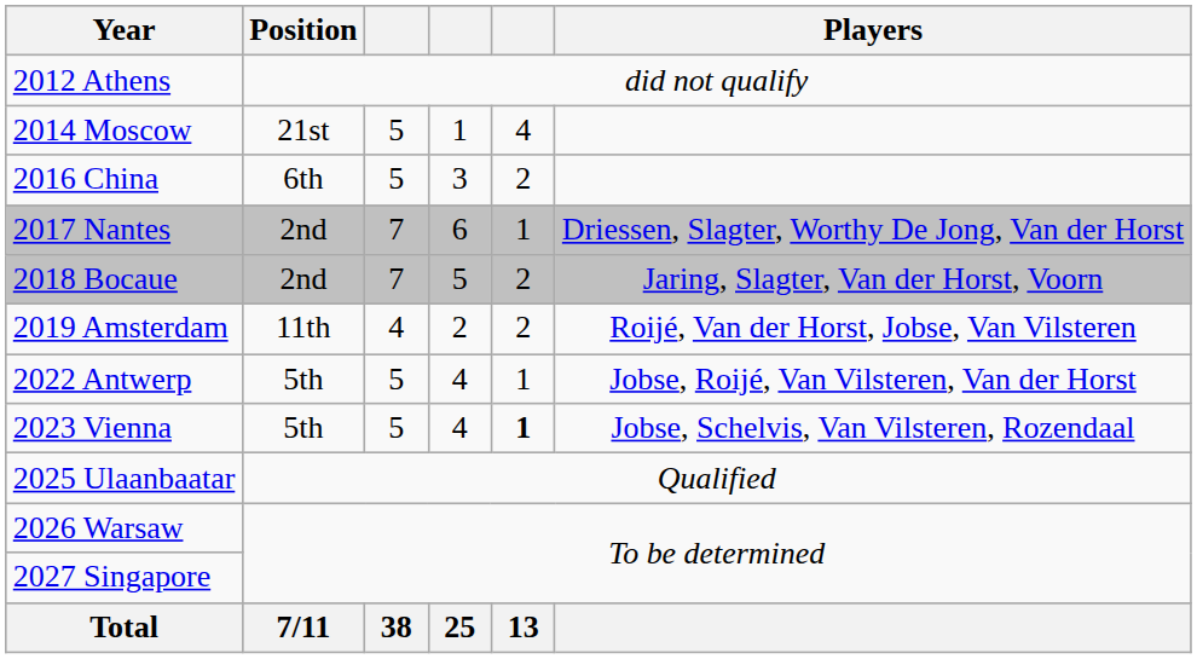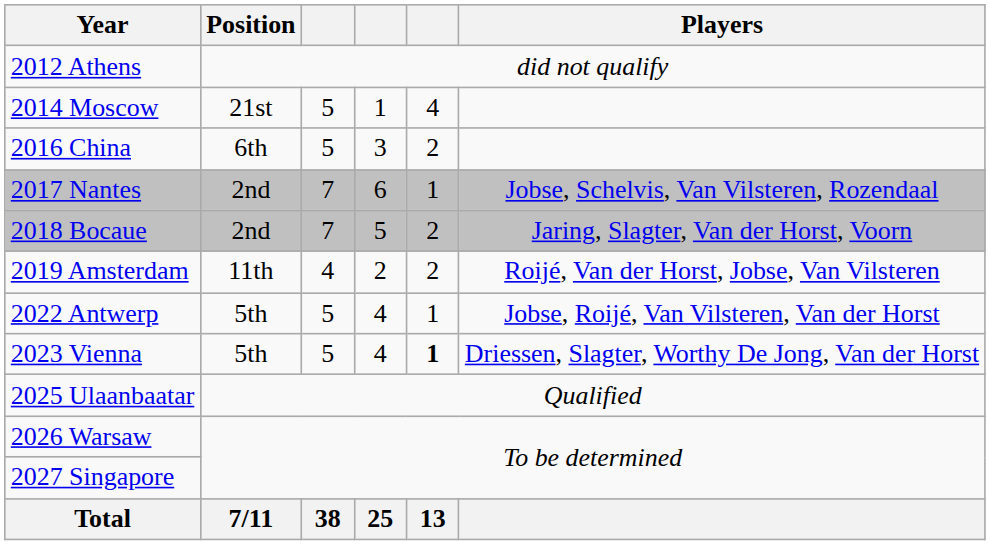 <table class="wikitable" style="text-align: center;">
 <tr>
 <th>Year</th>
 <th>Position</th>
 <th width=25px></th>
 <th width=25px></th>
 <th width=25px></th>
 <th>Players</th>
 </tr>
 <tr>
 <td style="text-align: left;"> <a href='#'>2012 Athens</a></td>
 <td colspan=5><em>did not qualify</em></td>
 </tr>
 <tr>
 <td style="text-align: left;"> <a href='#'>2014 Moscow</a></td>
 <td>21st</td>
 <td>5</td>
 <td>1</td>
 <td>4</td>
 <td></td>
 </tr>
 <tr>
 <td style="text-align: left;"> <a href='#'>2016 China</a></td>
 <td>6th</td>
 <td>5</td>
 <td>3</td>
 <td>2</td>
 <td></td>
 </tr>
 <tr bgcolor=silver>
 <td style="text-align: left;"> <a href='#'>2017 Nantes</a></td>
 <td>2nd </td>
 <td>7</td>
 <td>6</td>
 <td>1</td>
-<td><a href='#'>Driessen</a>, <a href='#'>Slagter</a>, <a href='#'>Worthy De Jong</a>, <a href='#'>Van der Horst</a></td>
+<td><a href='#'>Jobse</a>, <a href='#'>Schelvis</a>, <a href='#'>Van Vilsteren</a>, <a href='#'>Rozendaal</a></td>
 </tr>
 <tr bgcolor=silver |>
 <td style="text-align: left;"> <a href='#'>2018 Bocaue</a></td>
 <td>2nd </td>
 <td>7</td>
 <td>5</td>
 <td>2</td>
 <td><a href='#'>Jaring</a>, <a href='#'>Slagter</a>, <a href='#'>Van der Horst</a>, <a href='#'>Voorn</a></td>
 </tr>
 <tr>
 <td style="text-align: left;"> <a href='#'>2019 Amsterdam</a></td>
 <td>11th</td>
 <td>4</td>
 <td>2</td>
 <td>2</td>
 <td><a href='#'>Roijé</a>,	<a href='#'>Van der Horst</a>,	<a href='#'>Jobse</a>,	<a href='#'>Van Vilsteren</a></td>
 </tr>
 <tr>
 <td style="text-align: left;"> <a href='#'>2022 Antwerp</a></td>
 <td>5th</td>
 <td>5</td>
 <td>4</td>
 <td>1</td>
 <td><a href='#'>Jobse</a>, <a href='#'>Roijé</a>, <a href='#'>Van Vilsteren</a>, <a href='#'>Van der Horst</a></td>
 </tr>
 <tr>
 <td style="text-align:left;"> <a href='#'>2023 Vienna</a></td>
 <td>5th</td>
 <td>5</td>
 <td>4</td>
 <td><strong>1</strong></td>
-<td><a href='#'>Jobse</a>, <a href='#'>Schelvis</a>, <a href='#'>Van Vilsteren</a>, <a href='#'>Rozendaal</a></td>
+<td><a href='#'>Driessen</a>, <a href='#'>Slagter</a>, <a href='#'>Worthy De Jong</a>, <a href='#'>Van der Horst</a></td>
 </tr>
 <tr>
 <td style="text-align:left;"> <a href='#'>2025 Ulaanbaatar</a></td>
 <td colspan=5><em>Qualified</em></td>
 </tr>
 <tr>
 <td style="text-align:left;"> <a href='#'>2026 Warsaw</a></td>
 <td colspan=5 rowspan=2><em>To be determined</em></td>
 </tr>
 <tr>
 <td style="text-align:left;"> <a href='#'>2027 Singapore</a></td>
 </tr>
 <tr>
 <th>Total</th>
 <th>7/11</th>
 <th>38</th>
 <th>25</th>
 <th>13</th>
 <th></th>
 </tr>
 </table>
